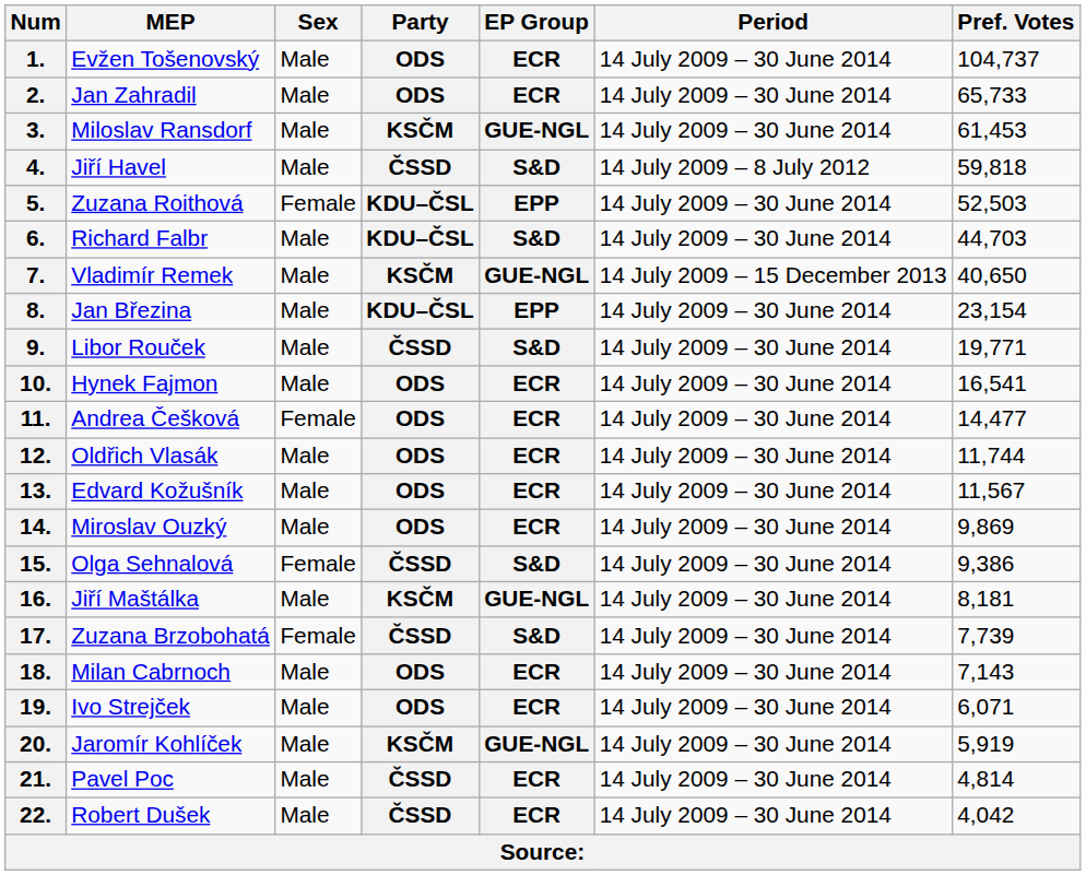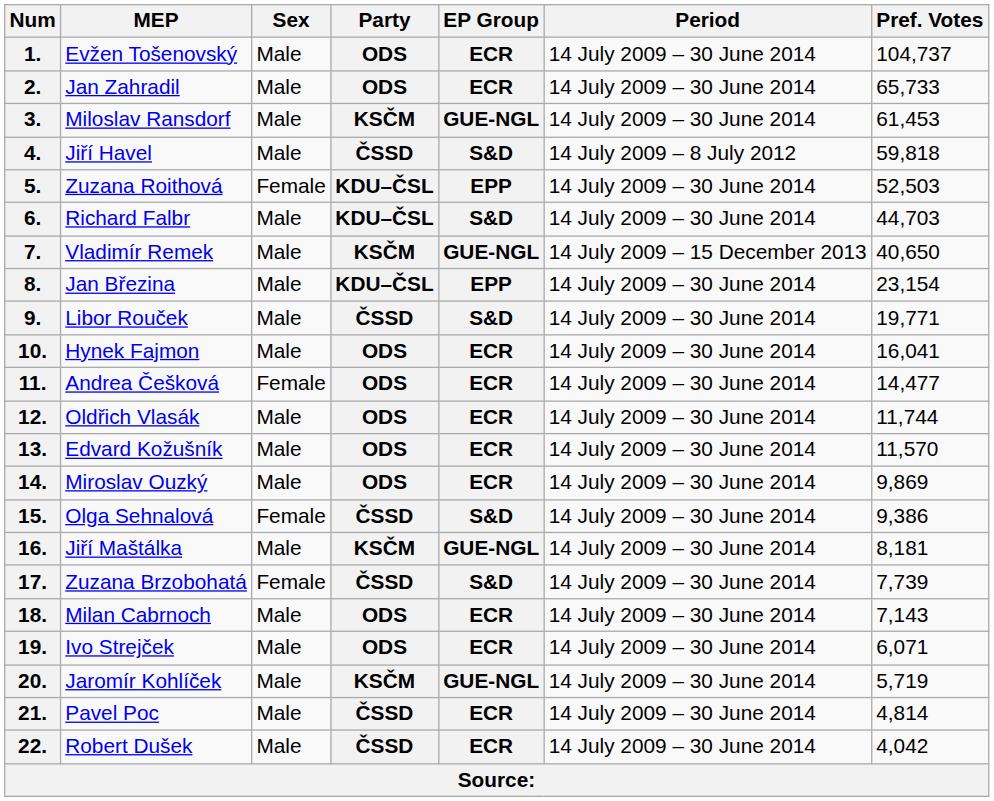 <table class="wikitable mw-collapsible">
 <tr>
 <th>Num</th>
 <th>MEP</th>
 <th>Sex</th>
 <th>Party</th>
 <th>EP Group</th>
 <th>Period</th>
 <th>Pref. Votes</th>
 </tr>
 <tr>
 <th>1.</th>
 <td><a href='#'>Evžen Tošenovský</a></td>
 <td>Male</td>
 <th style="background-color:">ODS</th>
 <th style="background-color:">ECR</th>
 <td>14 July 2009 – 30 June 2014</td>
 <td>104,737</td>
 </tr>
 <tr>
 <th>2.</th>
 <td><a href='#'>Jan Zahradil</a></td>
 <td>Male</td>
 <th style="background-color:">ODS</th>
 <th style="background-color:">ECR</th>
 <td>14 July 2009 – 30 June 2014</td>
 <td>65,733</td>
 </tr>
 <tr>
 <th>3.</th>
 <td><a href='#'>Miloslav Ransdorf</a></td>
 <td>Male</td>
 <th style="background-color:">KSČM</th>
 <th style="background-color:">GUE-NGL</th>
 <td>14 July 2009 – 30 June 2014</td>
 <td>61,453</td>
 </tr>
 <tr>
 <th>4.</th>
 <td><a href='#'>Jiří Havel</a></td>
 <td>Male</td>
 <th style="background-color:">ČSSD</th>
 <th style="background-color:">S&D</th>
 <td>14 July 2009 – 8 July 2012</td>
 <td>59,818</td>
 </tr>
 <tr>
 <th>5.</th>
 <td><a href='#'>Zuzana Roithová</a></td>
 <td>Female</td>
 <th style="background-color:">KDU–ČSL</th>
 <th style="background-color:">EPP</th>
 <td>14 July 2009 – 30 June 2014</td>
 <td>52,503</td>
 </tr>
 <tr>
 <th>6.</th>
 <td><a href='#'>Richard Falbr</a></td>
 <td>Male</td>
 <th style="background-color:">KDU–ČSL</th>
 <th style="background-color:">S&D</th>
 <td>14 July 2009 – 30 June 2014</td>
 <td>44,703</td>
 </tr>
 <tr>
 <th>7.</th>
 <td><a href='#'>Vladimír Remek</a></td>
 <td>Male</td>
 <th style="background-color:">KSČM</th>
 <th style="background-color:">GUE-NGL</th>
 <td>14 July 2009 – 15 December 2013</td>
 <td>40,650</td>
 </tr>
 <tr>
 <th>8.</th>
 <td><a href='#'>Jan Březina</a></td>
 <td>Male</td>
 <th style="background-color:">KDU–ČSL</th>
 <th style="background-color:">EPP</th>
 <td>14 July 2009 – 30 June 2014</td>
 <td>23,154</td>
 </tr>
 <tr>
 <th>9.</th>
 <td><a href='#'>Libor Rouček</a></td>
 <td>Male</td>
 <th style="background-color:">ČSSD</th>
 <th style="background-color:">S&D</th>
 <td>14 July 2009 – 30 June 2014</td>
 <td>19,771</td>
 </tr>
 <tr>
 <th>10.</th>
 <td><a href='#'>Hynek Fajmon</a></td>
 <td>Male</td>
 <th style="background-color:">ODS</th>
 <th style="background-color:">ECR</th>
 <td>14 July 2009 – 30 June 2014</td>
-<td>16,541</td>
+<td>16,041</td>
 </tr>
 <tr>
 <th>11.</th>
 <td><a href='#'>Andrea Češková</a></td>
 <td>Female</td>
 <th style="background-color:">ODS</th>
 <th style="background-color:">ECR</th>
 <td>14 July 2009 – 30 June 2014</td>
 <td>14,477</td>
 </tr>
 <tr>
 <th>12.</th>
 <td><a href='#'>Oldřich Vlasák</a></td>
 <td>Male</td>
 <th style="background-color:">ODS</th>
 <th style="background-color:">ECR</th>
 <td>14 July 2009 – 30 June 2014</td>
 <td>11,744</td>
 </tr>
 <tr>
 <th>13.</th>
 <td><a href='#'>Edvard Kožušník</a></td>
 <td>Male</td>
 <th style="background-color:">ODS</th>
 <th style="background-color:">ECR</th>
 <td>14 July 2009 – 30 June 2014</td>
-<td>11,567</td>
+<td>11,570</td>
 </tr>
 <tr>
 <th>14.</th>
 <td><a href='#'>Miroslav Ouzký</a></td>
 <td>Male</td>
 <th style="background-color:">ODS</th>
 <th style="background-color:">ECR</th>
 <td>14 July 2009 – 30 June 2014</td>
 <td>9,869</td>
 </tr>
 <tr>
 <th>15.</th>
 <td><a href='#'>Olga Sehnalová</a></td>
 <td>Female</td>
 <th style="background-color:">ČSSD</th>
 <th style="background-color:">S&D</th>
 <td>14 July 2009 – 30 June 2014</td>
 <td>9,386</td>
 </tr>
 <tr>
 <th>16.</th>
 <td><a href='#'>Jiří Maštálka</a></td>
 <td>Male</td>
 <th style="background-color:">KSČM</th>
 <th style="background-color:">GUE-NGL</th>
 <td>14 July 2009 – 30 June 2014</td>
 <td>8,181</td>
 </tr>
 <tr>
 <th>17.</th>
 <td><a href='#'>Zuzana Brzobohatá</a></td>
 <td>Female</td>
 <th style="background-color:">ČSSD</th>
 <th style="background-color:">S&D</th>
 <td>14 July 2009 – 30 June 2014</td>
 <td>7,739</td>
 </tr>
 <tr>
 <th>18.</th>
 <td><a href='#'>Milan Cabrnoch</a></td>
 <td>Male</td>
 <th style="background-color:">ODS</th>
 <th style="background-color:">ECR</th>
 <td>14 July 2009 – 30 June 2014</td>
 <td>7,143</td>
 </tr>
 <tr>
 <th>19.</th>
 <td><a href='#'>Ivo Strejček</a></td>
 <td>Male</td>
 <th style="background-color:">ODS</th>
 <th style="background-color:">ECR</th>
 <td>14 July 2009 – 30 June 2014</td>
 <td>6,071</td>
 </tr>
 <tr>
 <th>20.</th>
 <td><a href='#'>Jaromír Kohlíček</a></td>
 <td>Male</td>
 <th style="background-color:">KSČM</th>
 <th style="background-color:">GUE-NGL</th>
 <td>14 July 2009 – 30 June 2014</td>
-<td>5,919</td>
+<td>5,719</td>
 </tr>
 <tr>
 <th>21.</th>
 <td><a href='#'>Pavel Poc</a></td>
 <td>Male</td>
 <th style="background-color:">ČSSD</th>
 <th style="background-color:">ECR</th>
 <td>14 July 2009 – 30 June 2014</td>
 <td>4,814</td>
 </tr>
 <tr>
 <th>22.</th>
 <td><a href='#'>Robert Dušek</a></td>
 <td>Male</td>
 <th style="background-color:">ČSSD</th>
 <th style="background-color:">ECR</th>
 <td>14 July 2009 – 30 June 2014</td>
 <td>4,042</td>
 </tr>
 <tr>
 <th colspan="7">Source:</th>
 </tr>
 </table>
